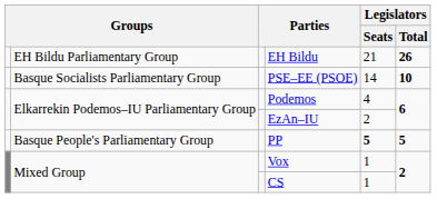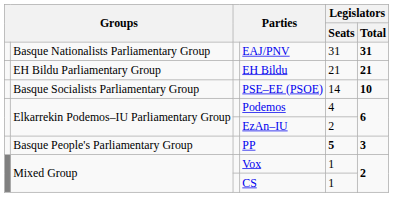 <table class="wikitable" style="text-align:left;">
 <tr>
 <th rowspan="2" colspan="2">Groups</th>
 <th rowspan="2" colspan="2">Parties</th>
 <th colspan="2">Legislators</th>
 </tr>
 <tr>
 <th>Seats</th>
 <th>Total</th>
 </tr>
 <tr>
+<td width="1" style="color:inherit;background:"></td>
+<td>Basque Nationalists Parliamentary Group</td>
+<td width="1" style="color:inherit;background:"></td>
+<td><a href='#'>EAJ/PNV</a></td>
+<td>31</td>
+<td><strong>31</strong></td>
+</tr>
+<tr>
 <td style="color:inherit;background:"></td>
 <td>EH Bildu Parliamentary Group</td>
 <td style="color:inherit;background:"></td>
 <td><a href='#'>EH Bildu</a></td>
 <td>21</td>
-<td><strong>26</strong></td>
+<td><strong>21</strong></td>
 </tr>
 <tr>
 <td style="color:inherit;background:"></td>
 <td>Basque Socialists Parliamentary Group</td>
 <td style="color:inherit;background:"></td>
 <td><a href='#'>PSE–EE (PSOE)</a></td>
 <td>14</td>
 <td><strong>10</strong></td>
 </tr>
 <tr>
 <td rowspan="2" style="color:inherit;background:"></td>
 <td rowspan="2">Elkarrekin Podemos–IU Parliamentary Group</td>
 <td style="color:inherit;background:"></td>
 <td><a href='#'>Podemos</a></td>
 <td>4</td>
 <td rowspan="2"><strong>6</strong></td>
 </tr>
 <tr>
 <td style="color:inherit;background:"></td>
 <td><a href='#'>EzAn–IU</a></td>
 <td>2</td>
 </tr>
 <tr>
 <td style="color:inherit;background:"></td>
 <td>Basque People's Parliamentary Group</td>
 <td style="color:inherit;background:"></td>
 <td><a href='#'>PP</a></td>
 <td><strong>5</strong></td>
-<td><strong>5</strong></td>
+<td><strong>3</strong></td>
 </tr>
 <tr>
 <td rowspan="2" bgcolor="gray"></td>
 <td rowspan="2">Mixed Group</td>
 <td style="color:inherit;background:"></td>
 <td><a href='#'>Vox</a></td>
 <td>1</td>
 <td rowspan="2"><strong>2</strong></td>
 </tr>
 <tr>
 <td style="color:inherit;background:"></td>
 <td><a href='#'>CS</a></td>
 <td>1</td>
 </tr>
 </table>
